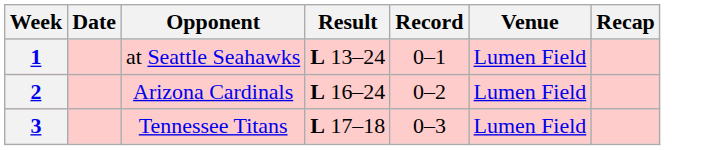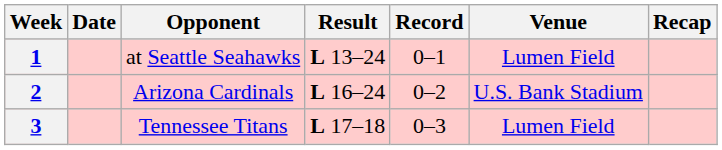 <table class="wikitable" style="text-align:center">
 <tr>
 <th>Week</th>
 <th>Date</th>
 <th>Opponent</th>
 <th>Result</th>
 <th>Record</th>
 <th>Venue</th>
 <th>Recap</th>
 </tr>
 <tr style="background:#fcc">
 <th><a href='#'>1</a></th>
 <td></td>
 <td>at <a href='#'>Seattle Seahawks</a></td>
 <td><strong>L</strong> 13–24</td>
 <td>0–1</td>
 <td><a href='#'>Lumen Field</a></td>
 <td></td>
 </tr>
 <tr style="background:#fcc">
 <th><a href='#'>2</a></th>
 <td></td>
 <td><a href='#'>Arizona Cardinals</a></td>
 <td><strong>L</strong> 16–24</td>
 <td>0–2</td>
-<td><a href='#'>Lumen Field</a></td>
+<td><a href='#'>U.S. Bank Stadium</a></td>
 <td></td>
 </tr>
 <tr style="background:#fcc">
 <th><a href='#'>3</a></th>
 <td></td>
 <td><a href='#'>Tennessee Titans</a></td>
 <td><strong>L</strong> 17–18</td>
 <td>0–3</td>
 <td><a href='#'>Lumen Field</a></td>
 <td></td>
 </tr>
 </table>
